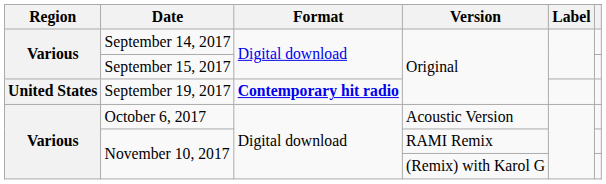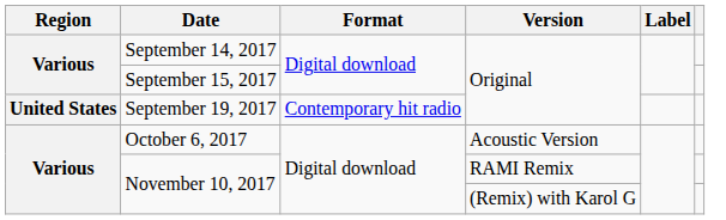 <table class="wikitable plainrowheaders">
 <tr>
 <th scope="col">Region</th>
 <th scope="col">Date</th>
 <th scope="col">Format</th>
 <th scope="col">Version</th>
 <th scope="col">Label</th>
 <th scope="col"></th>
 </tr>
 <tr>
 <th scope="row" rowspan="2">Various</th>
 <td>September 14, 2017</td>
 <td rowspan="2"><a href='#'>Digital download</a></td>
 <td rowspan="3">Original</td>
 <td rowspan="2"></td>
 <td></td>
 </tr>
 <tr>
 <td>September 15, 2017</td>
 <td></td>
 </tr>
 <tr>
 <th scope="row">United States</th>
 <td>September 19, 2017</td>
-<td><strong><a href='#'>Contemporary hit radio</a></strong></td>
+<td><a href='#'>Contemporary hit radio</a></td>
 <td></td>
 <td></td>
 </tr>
 <tr>
 <th scope="row" rowspan="3">Various</th>
 <td>October 6, 2017</td>
 <td rowspan="3">Digital download</td>
 <td>Acoustic Version</td>
 <td rowspan="3"></td>
 <td></td>
 </tr>
 <tr>
 <td rowspan="2">November 10, 2017</td>
 <td>RAMI Remix</td>
 <td></td>
 </tr>
 <tr>
 <td>(Remix) with Karol G</td>
 <td></td>
 </tr>
 </table>
